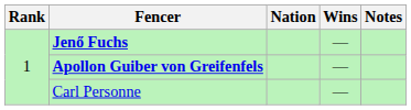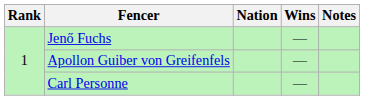 <table class="wikitable sortable" style="text-align:center">
 <tr>
 <th>Rank</th>
 <th>Fencer</th>
 <th>Nation</th>
 <th>Wins</th>
 <th>Notes</th>
 </tr>
 <tr bgcolor=bbf3bb>
 <td rowspan=3>1</td>
-<td align=left><strong><a href='#'>Jenő Fuchs</a></strong></td>
+<td align=left><a href='#'>Jenő Fuchs</a></td>
 <td align=left></td>
 <td>—</td>
 <td></td>
 </tr>
 <tr bgcolor=bbf3bb>
-<td align=left><strong><a href='#'>Apollon Guiber von Greifenfels</a></strong></td>
+<td align=left><a href='#'>Apollon Guiber von Greifenfels</a></td>
 <td align=left></td>
 <td>—</td>
 <td></td>
 </tr>
 <tr bgcolor=bbf3bb>
 <td align=left><a href='#'>Carl Personne</a></td>
 <td align=left></td>
 <td>—</td>
 <td></td>
 </tr>
 </table>
